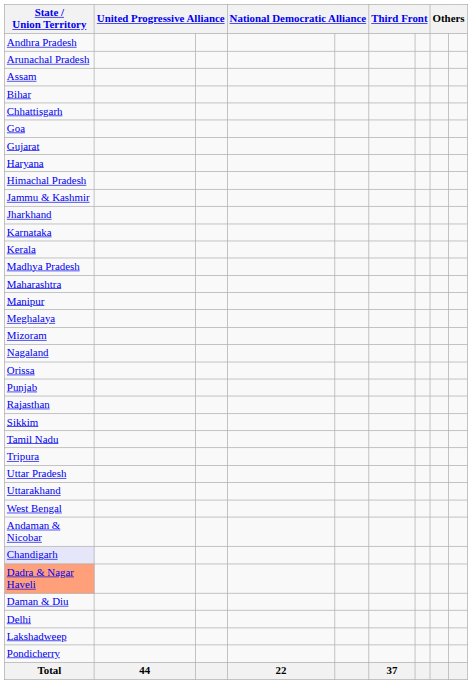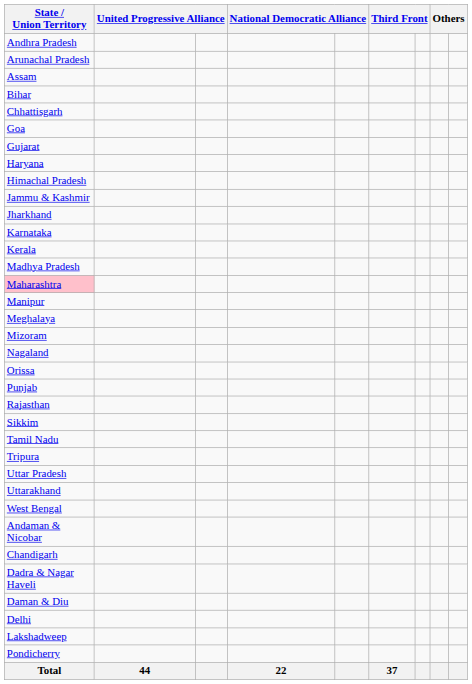 <table class="wikitable sortable" border="1" style="text-align:right;">
 <tr>
 <th width="125"><a href='#'>State /<br>Union Territory</a><br></th>
 <th colspan="2"><a href='#'>United Progressive Alliance</a></th>
 <th colspan="2"><a href='#'>National Democratic Alliance</a></th>
 <th colspan="2"><a href='#'>Third Front</a></th>
 <th colspan="2">Others</th>
 </tr>
 <tr>
 <td align="left"><a href='#'>Andhra Pradesh</a></td>
 <td></td>
 <td></td>
 <td></td>
 <td></td>
 <td></td>
 <td></td>
 <td></td>
 <td></td>
 </tr>
 <tr>
 <td align="left"><a href='#'>Arunachal Pradesh</a></td>
 <td></td>
 <td></td>
 <td></td>
 <td></td>
 <td></td>
 <td></td>
 <td></td>
 <td></td>
 </tr>
 <tr>
 <td align="left"><a href='#'>Assam</a></td>
 <td></td>
 <td></td>
 <td></td>
 <td></td>
 <td></td>
 <td></td>
 <td></td>
 <td></td>
 </tr>
 <tr>
 <td align="left"><a href='#'>Bihar</a></td>
 <td></td>
 <td></td>
 <td></td>
 <td></td>
 <td></td>
 <td></td>
 <td></td>
 <td></td>
 </tr>
 <tr>
 <td align="left"><a href='#'>Chhattisgarh</a></td>
 <td></td>
 <td></td>
 <td></td>
 <td></td>
 <td></td>
 <td></td>
 <td></td>
 <td></td>
 </tr>
 <tr>
 <td align="left"><a href='#'>Goa</a></td>
 <td></td>
 <td></td>
 <td></td>
 <td></td>
 <td></td>
 <td></td>
 <td></td>
 <td></td>
 </tr>
 <tr>
 <td align="left"><a href='#'>Gujarat</a></td>
 <td></td>
 <td></td>
 <td></td>
 <td></td>
 <td></td>
 <td></td>
 <td></td>
 <td></td>
 </tr>
 <tr>
 <td align="left"><a href='#'>Haryana</a></td>
 <td></td>
 <td></td>
 <td></td>
 <td></td>
 <td></td>
 <td></td>
 <td></td>
 <td></td>
 </tr>
 <tr>
 <td align="left"><a href='#'>Himachal Pradesh</a></td>
 <td></td>
 <td></td>
 <td></td>
 <td></td>
 <td></td>
 <td></td>
 <td></td>
 <td></td>
 </tr>
 <tr>
 <td align="left"><a href='#'>Jammu & Kashmir</a></td>
 <td></td>
 <td></td>
 <td></td>
 <td></td>
 <td></td>
 <td></td>
 <td></td>
 <td></td>
 </tr>
 <tr>
 <td align="left"><a href='#'>Jharkhand</a></td>
 <td></td>
 <td></td>
 <td></td>
 <td></td>
 <td></td>
 <td></td>
 <td></td>
 <td></td>
 </tr>
 <tr>
 <td align="left"><a href='#'>Karnataka</a></td>
 <td></td>
 <td></td>
 <td></td>
 <td></td>
 <td></td>
 <td></td>
 <td></td>
 <td></td>
 </tr>
 <tr>
 <td align="left"><a href='#'>Kerala</a></td>
 <td></td>
 <td></td>
 <td></td>
 <td></td>
 <td></td>
 <td></td>
 <td></td>
 <td></td>
 </tr>
 <tr>
 <td align="left"><a href='#'>Madhya Pradesh</a></td>
 <td></td>
 <td></td>
 <td></td>
 <td></td>
 <td></td>
 <td></td>
 <td></td>
 <td></td>
 </tr>
 <tr>
-<td align="left"><a href='#'>Maharashtra</a></td>
+<td align="left" style="background: pink;"><a href='#'>Maharashtra</a></td>
 <td></td>
 <td></td>
 <td></td>
 <td></td>
 <td></td>
 <td></td>
 <td></td>
 <td></td>
 </tr>
 <tr>
 <td align="left"><a href='#'>Manipur</a></td>
 <td></td>
 <td></td>
 <td></td>
 <td></td>
 <td></td>
 <td></td>
 <td></td>
 <td></td>
 </tr>
 <tr>
 <td align="left"><a href='#'>Meghalaya</a></td>
 <td></td>
 <td></td>
 <td></td>
 <td></td>
 <td></td>
 <td></td>
 <td></td>
 <td></td>
 </tr>
 <tr>
 <td align="left"><a href='#'>Mizoram</a></td>
 <td></td>
 <td></td>
 <td></td>
 <td></td>
 <td></td>
 <td></td>
 <td></td>
 <td></td>
 </tr>
 <tr>
 <td align="left"><a href='#'>Nagaland</a></td>
 <td></td>
 <td></td>
 <td></td>
 <td></td>
 <td></td>
 <td></td>
 <td></td>
 <td></td>
 </tr>
 <tr>
 <td align="left"><a href='#'>Orissa</a></td>
 <td></td>
 <td></td>
 <td></td>
 <td></td>
 <td></td>
 <td></td>
 <td></td>
 <td></td>
 </tr>
 <tr>
 <td align="left"><a href='#'>Punjab</a></td>
 <td></td>
 <td></td>
 <td></td>
 <td></td>
 <td></td>
 <td></td>
 <td></td>
 <td></td>
 </tr>
 <tr>
 <td align="left"><a href='#'>Rajasthan</a></td>
 <td></td>
 <td></td>
 <td></td>
 <td></td>
 <td></td>
 <td></td>
 <td></td>
 <td></td>
 </tr>
 <tr>
 <td align="left"><a href='#'>Sikkim</a></td>
 <td></td>
 <td></td>
 <td></td>
 <td></td>
 <td></td>
 <td></td>
 <td></td>
 <td></td>
 </tr>
 <tr>
 <td align="left"><a href='#'>Tamil Nadu</a></td>
 <td></td>
 <td></td>
 <td></td>
 <td></td>
 <td></td>
 <td></td>
 <td></td>
 <td></td>
 </tr>
 <tr>
 <td align="left"><a href='#'>Tripura</a></td>
 <td></td>
 <td></td>
 <td></td>
 <td></td>
 <td></td>
 <td></td>
 <td></td>
 <td></td>
 </tr>
 <tr>
 <td align="left"><a href='#'>Uttar Pradesh</a></td>
 <td></td>
 <td></td>
 <td></td>
 <td></td>
 <td></td>
 <td></td>
 <td></td>
 <td></td>
 </tr>
 <tr>
 <td align="left"><a href='#'>Uttarakhand</a></td>
 <td></td>
 <td></td>
 <td></td>
 <td></td>
 <td></td>
 <td></td>
 <td></td>
 <td></td>
 </tr>
 <tr>
 <td align="left"><a href='#'>West Bengal</a></td>
 <td></td>
 <td></td>
 <td></td>
 <td></td>
 <td></td>
 <td></td>
 <td></td>
 <td></td>
 </tr>
 <tr>
 <td align="left"><a href='#'>Andaman & Nicobar</a></td>
 <td></td>
 <td></td>
 <td></td>
 <td></td>
 <td></td>
 <td></td>
 <td></td>
 <td></td>
 </tr>
 <tr>
-<td align="left" style="background: lavender;"><a href='#'>Chandigarh</a></td>
+<td align="left"><a href='#'>Chandigarh</a></td>
 <td></td>
 <td></td>
 <td></td>
 <td></td>
 <td></td>
 <td></td>
 <td></td>
 <td></td>
 </tr>
 <tr>
-<td align="left" style="background: lightsalmon;"><a href='#'>Dadra & Nagar Haveli</a></td>
+<td align="left"><a href='#'>Dadra & Nagar Haveli</a></td>
 <td></td>
 <td></td>
 <td></td>
 <td></td>
 <td></td>
 <td></td>
 <td></td>
 <td></td>
 </tr>
 <tr>
 <td align="left"><a href='#'>Daman & Diu</a></td>
 <td></td>
 <td></td>
 <td></td>
 <td></td>
 <td></td>
 <td></td>
 <td></td>
 <td></td>
 </tr>
 <tr>
 <td align="left"><a href='#'>Delhi</a></td>
 <td></td>
 <td></td>
 <td></td>
 <td></td>
 <td></td>
 <td></td>
 <td></td>
 <td></td>
 </tr>
 <tr>
 <td align="left"><a href='#'>Lakshadweep</a></td>
 <td></td>
 <td></td>
 <td></td>
 <td></td>
 <td></td>
 <td></td>
 <td></td>
 <td></td>
 </tr>
 <tr>
 <td align="left"><a href='#'>Pondicherry</a></td>
 <td></td>
 <td></td>
 <td></td>
 <td></td>
 <td></td>
 <td></td>
 <td></td>
 <td></td>
 </tr>
 <tr class="sortbottom">
 <th align="left"><strong> Total</strong></th>
 <th> 44</th>
 <th></th>
 <th> 22</th>
 <th></th>
 <th> 37</th>
 <th></th>
 <th></th>
 <th></th>
 </tr>
 </table>
